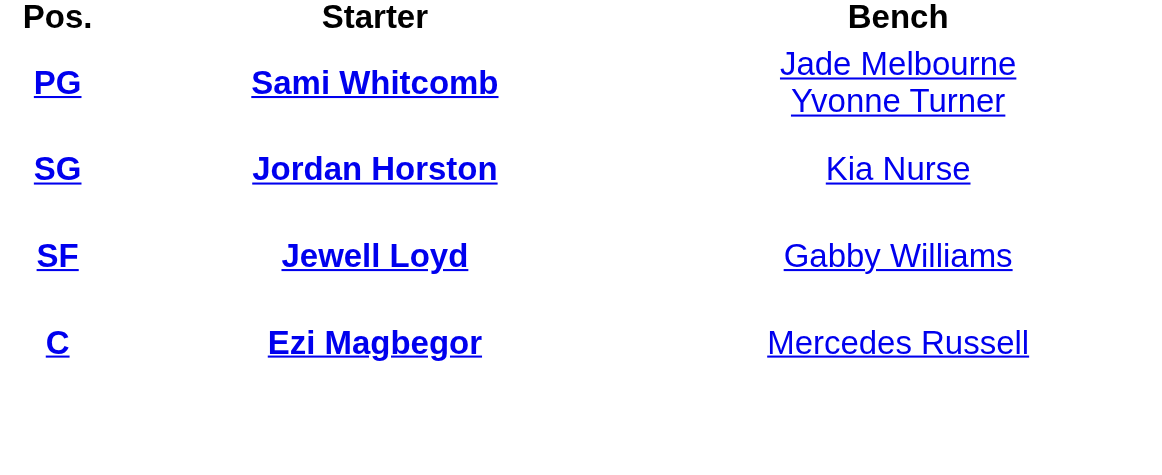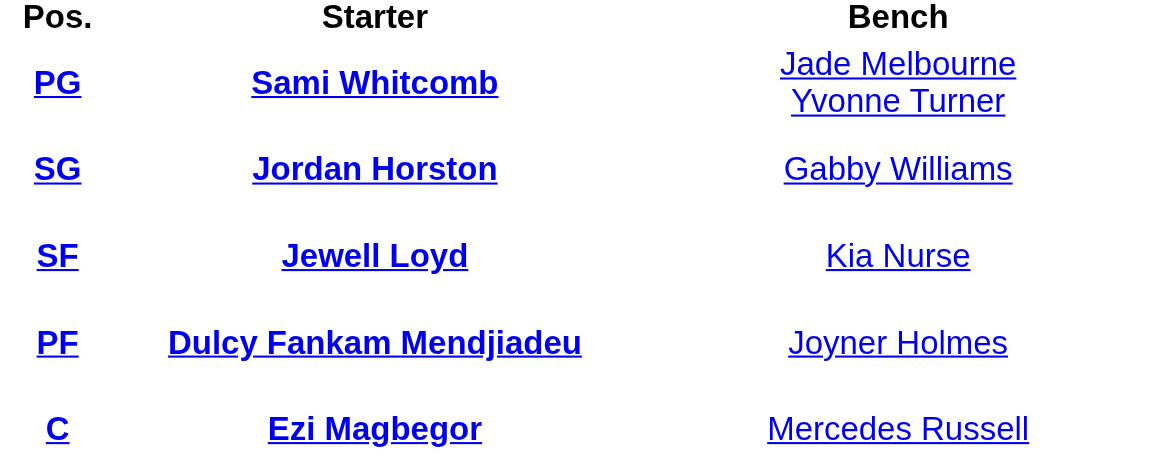 <table style="text-align:center; ">
 <tr>
 <th width="50">Pos.</th>
 <th width="250">Starter</th>
 <th width="250">Bench</th>
 </tr>
 <tr style="height:40px; background:white; color:#092C57">
 <th><a href='#'><span>PG</span></a></th>
 <td><strong><a href='#'>Sami Whitcomb</a></strong></td>
 <td><a href='#'>Jade Melbourne</a><br><a href='#'>Yvonne Turner</a></td>
 </tr>
 <tr style="height:40px; background:white; color:#092C57">
 <th><a href='#'><span>SG</span></a></th>
 <td><strong><a href='#'>Jordan Horston</a></strong></td>
-<td><a href='#'>Kia Nurse</a></td>
+<td><a href='#'>Gabby Williams</a></td>
 </tr>
 <tr style="height:40px; background:white; color:#092C57">
 <th><a href='#'><span>SF</span></a></th>
 <td><strong><a href='#'>Jewell Loyd</a></strong></td>
-<td><a href='#'>Gabby Williams</a></td>
+<td><a href='#'>Kia Nurse</a></td>
+</tr>
+<tr style="height:40px; background:white; color:#092C57">
+<th><a href='#'><span>PF</span></a></th>
+<td><strong><a href='#'>Dulcy Fankam Mendjiadeu</a></strong></td>
+<td><a href='#'>Joyner Holmes</a></td>
 </tr>
 <tr style="height:40px; background:white; color:#092C57">
 <th><a href='#'><span>C</span></a></th>
 <td><strong><a href='#'>Ezi Magbegor</a></strong></td>
 <td><a href='#'>Mercedes Russell</a></td>
 </tr>
 </table>
